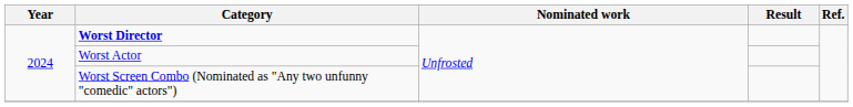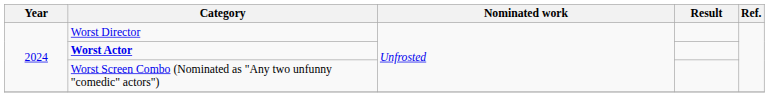 <table class=wikitable>
 <tr>
 <th scope="col" style="width:5em;">Year</th>
 <th scope="col" style="width:26em;">Category</th>
 <th scope="col" style="width:25em;">Nominated work</th>
 <th scope="col" style="width:5em;">Result</th>
 <th>Ref.</th>
 </tr>
 <tr>
 <td style="text-align:center;", rowspan=3><a href='#'>2024</a></td>
-<td><strong><a href='#'>Worst Director</a></strong></td>
+<td><a href='#'>Worst Director</a></td>
 <td rowspan=3><em><a href='#'>Unfrosted</a></em></td>
 <td></td>
 <td rowspan=3></td>
 </tr>
 <tr>
-<td><a href='#'>Worst Actor</a></td>
+<td><strong><a href='#'>Worst Actor</a></strong></td>
 <td></td>
 </tr>
 <tr>
 <td><a href='#'>Worst Screen Combo</a> (Nominated as "Any two unfunny "comedic" actors")</td>
 <td></td>
 </tr>
 <tr>
 </tr>
 </table>
